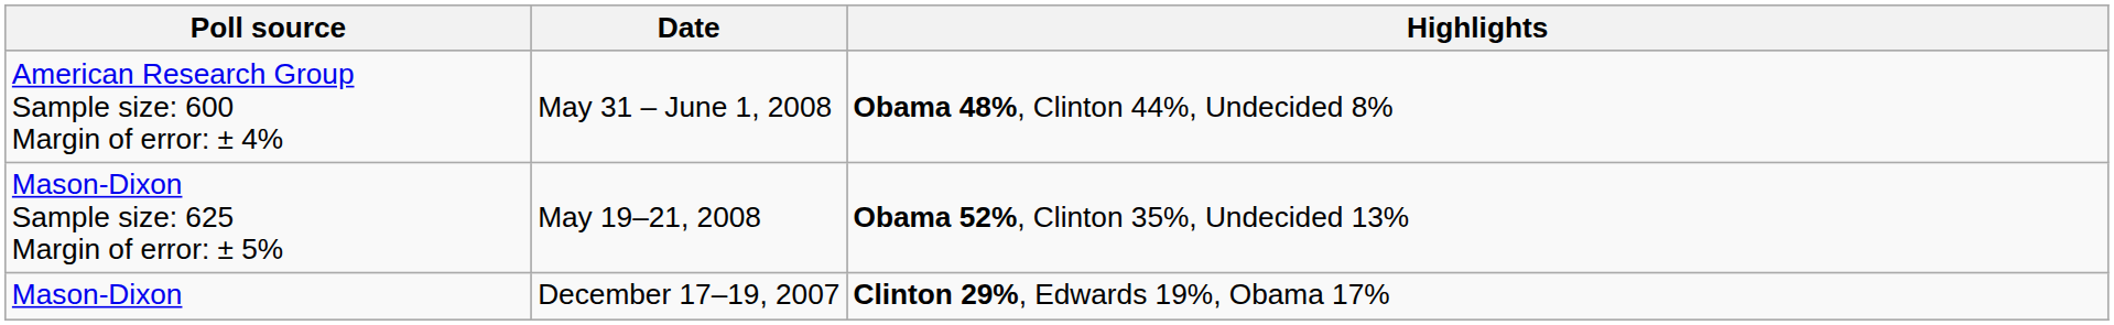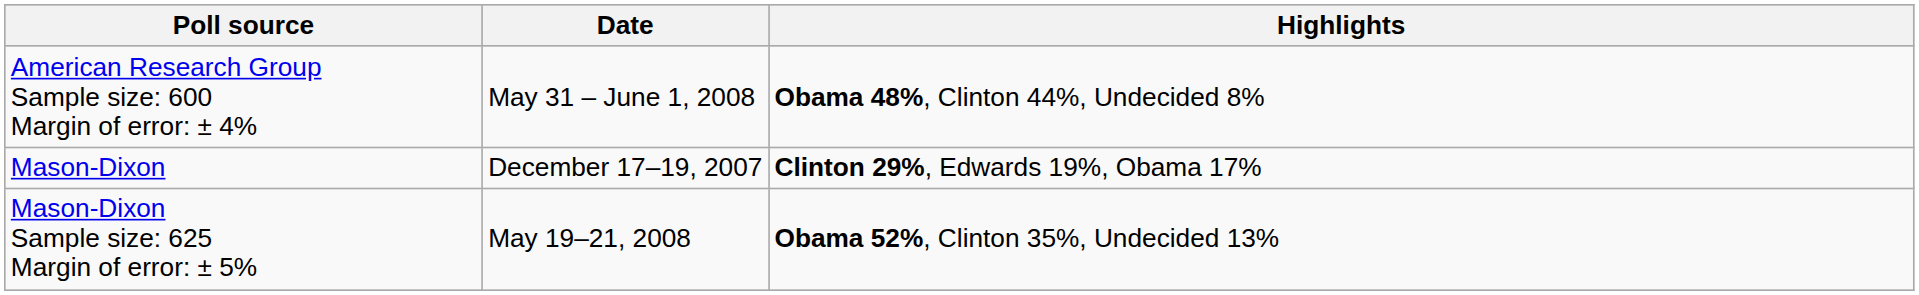 <table class="wikitable sortable">
 <tr>
 <th width="25%">Poll source</th>
 <th width="15%">Date</th>
 <th width="60%">Highlights</th>
 </tr>
 <tr>
 <td><a href='#'>American Research Group</a><br>Sample size: 600<br> Margin of error: ± 4%</td>
 <td>May 31 – June 1, 2008</td>
 <td><strong>Obama 48%</strong>, Clinton 44%, Undecided 8%</td>
 </tr>
 <tr>
+<td><a href='#'>Mason-Dixon</a></td>
+<td>December 17–19, 2007</td>
+<td><strong>Clinton 29%</strong>, Edwards 19%, Obama 17%</td>
+</tr>
+<tr>
 <td><a href='#'>Mason-Dixon</a><br>Sample size: 625<br> Margin of error: ± 5%</td>
 <td>May 19–21, 2008</td>
 <td><strong>Obama 52%</strong>, Clinton 35%, Undecided 13%</td>
 </tr>
-<tr>
-<td><a href='#'>Mason-Dixon</a></td>
-<td>December 17–19, 2007</td>
-<td><strong>Clinton 29%</strong>, Edwards 19%, Obama 17%</td>
-</tr>
 </table>
